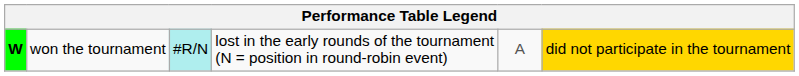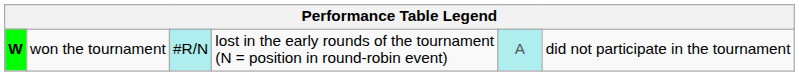 <table class="wikitable" style="font-size:78%;">
 <tr>
 <th colspan="6">Performance Table Legend</th>
 </tr>
 <tr>
 <td align="center" style="background:#00ff00;"><strong>W</strong></td>
 <td>won the tournament</td>
 <td align="center" style="background:#afeeee;">#R/N</td>
 <td>lost in the early rounds of the tournament<br>(N = position in round-robin event)</td>
-<td align="center" style="color:#555555;" width="30">A</td>
-<td style="background: gold;">did not participate in the tournament</td>
+<td align="center" style="background: paleturquoise; color:#555555;" width="30">A</td>
+<td>did not participate in the tournament</td>
 </tr>
 </table>
